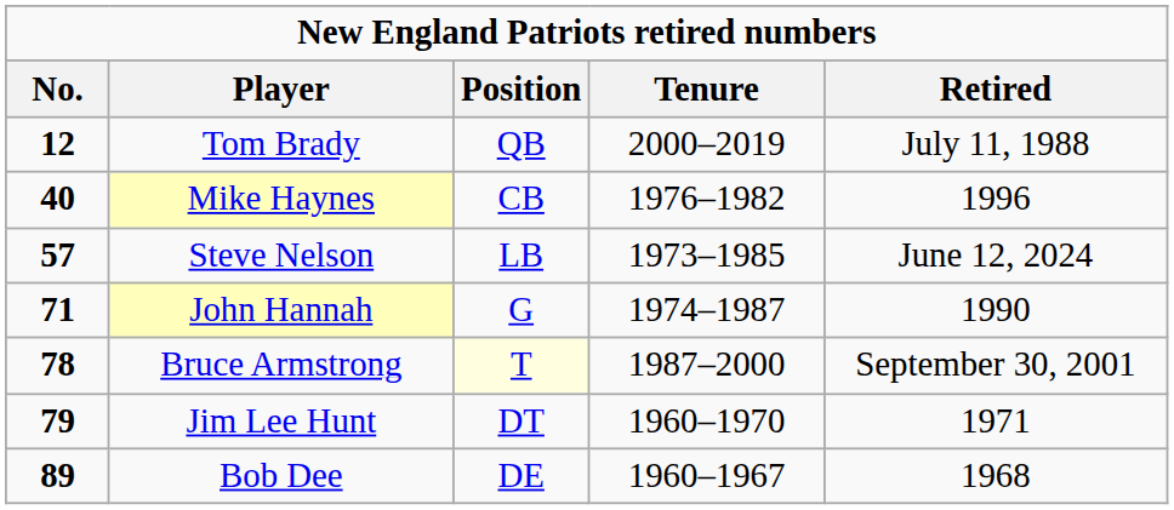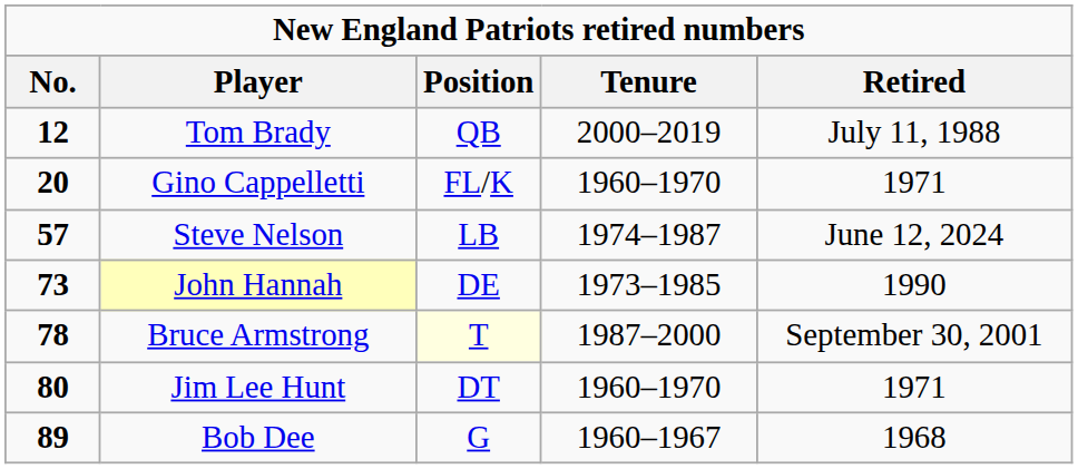 <table class="wikitable sortable" style="text-align:center">
 <tr>
 <td colspan="5"><strong>New England Patriots retired numbers</strong></td>
 </tr>
 <tr>
 <th style="width:40px; ">No.</th>
 <th style="width:150px; ">Player</th>
 <th style="width:40px; ">Position</th>
 <th style="width:100px; ">Tenure</th>
 <th style="width:150px; ">Retired</th>
 </tr>
 <tr>
 <td><strong>12</strong></td>
 <td><a href='#'>Tom Brady</a></td>
 <td><a href='#'>QB</a></td>
 <td>2000–2019</td>
 <td>July 11, 1988</td>
 </tr>
 <tr>
-<td><strong>40</strong></td>
-<td style="background:#ffb"><a href='#'>Mike Haynes</a></td>
-<td><a href='#'>CB</a></td>
-<td>1976–1982</td>
-<td>1996</td>
+<td><strong>20</strong></td>
+<td><a href='#'>Gino Cappelletti</a></td>
+<td><a href='#'>FL</a>/<a href='#'>K</a></td>
+<td>1960–1970</td>
+<td>1971</td>
 </tr>
 <tr>
 <td><strong>57</strong></td>
 <td><a href='#'>Steve Nelson</a></td>
 <td><a href='#'>LB</a></td>
-<td>1973–1985</td>
+<td>1974–1987</td>
 <td>June 12, 2024</td>
 </tr>
 <tr>
-<td><strong>71</strong></td>
+<td><strong>73</strong></td>
 <td style="background:#ffb"><a href='#'>John Hannah</a></td>
-<td><a href='#'>G</a></td>
-<td>1974–1987</td>
+<td><a href='#'>DE</a></td>
+<td>1973–1985</td>
 <td>1990</td>
 </tr>
 <tr>
 <td><strong>78</strong></td>
 <td><a href='#'>Bruce Armstrong</a></td>
 <td style="background: lightyellow;"><a href='#'>T</a></td>
 <td>1987–2000</td>
 <td>September 30, 2001</td>
 </tr>
 <tr>
-<td><strong>79</strong></td>
+<td><strong>80</strong></td>
 <td><a href='#'>Jim Lee Hunt</a></td>
 <td><a href='#'>DT</a></td>
 <td>1960–1970</td>
 <td>1971</td>
 </tr>
 <tr>
 <td><strong>89</strong></td>
 <td><a href='#'>Bob Dee</a></td>
-<td><a href='#'>DE</a></td>
+<td><a href='#'>G</a></td>
 <td>1960–1967</td>
 <td>1968</td>
 </tr>
 </table>
